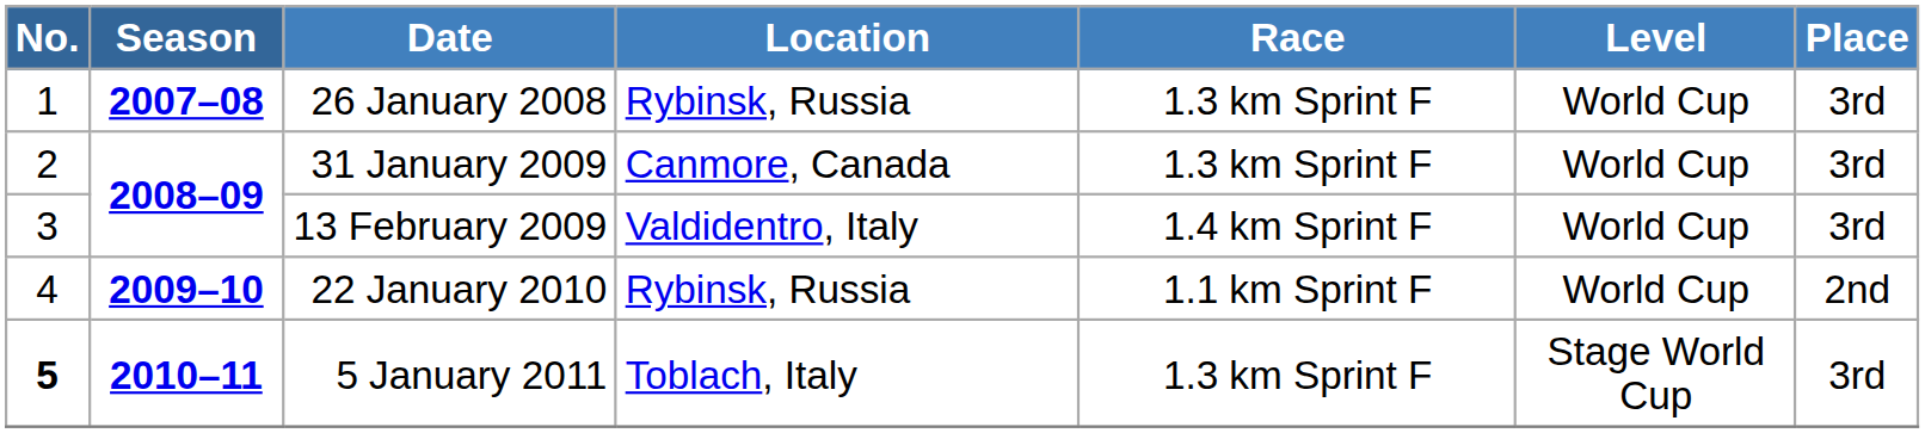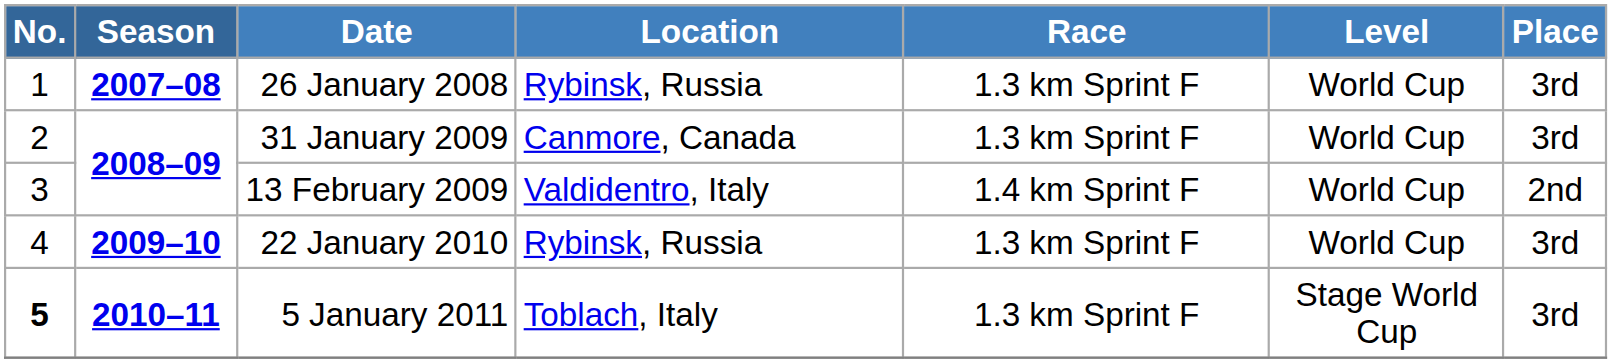 <table class="wikitable sortable" style="font-size:95%; text-align:center; border:grey solid 1px; border-collapse:collapse; background:#ffffff;">
 <tr style="background:#efefef;">
 <th style="background-color:#369; color:white;">No.</th>
 <th style="background-color:#369; color:white;">Season</th>
 <th style="background-color:#4180be; color:white; width:120px;">Date</th>
 <th style="background-color:#4180be; color:white; width:170px;">Location</th>
 <th style="background-color:#4180be; color:white; width:160px;">Race</th>
 <th style="background-color:#4180be; color:white; width:100px;">Level</th>
 <th style="background-color:#4180be; color:white;">Place</th>
 </tr>
 <tr>
 <td align=center>1</td>
 <td rowspan=1 align=center><strong> <a href='#'>2007–08</a> </strong></td>
 <td align=right>26 January 2008</td>
 <td align=left> <a href='#'>Rybinsk</a>, Russia</td>
 <td>1.3 km Sprint F</td>
 <td>World Cup</td>
 <td>3rd</td>
 </tr>
 <tr>
 <td align=center>2</td>
 <td rowspan=2 align=center><strong> <a href='#'>2008–09</a> </strong></td>
 <td align=right>31 January 2009</td>
 <td align=left> <a href='#'>Canmore</a>, Canada</td>
 <td>1.3 km Sprint F</td>
 <td>World Cup</td>
 <td>3rd</td>
 </tr>
 <tr>
 <td align=center>3</td>
 <td align=right>13 February 2009</td>
 <td align=left> <a href='#'>Valdidentro</a>, Italy</td>
 <td>1.4 km Sprint F</td>
 <td>World Cup</td>
-<td>3rd</td>
+<td>2nd</td>
 </tr>
 <tr>
 <td align=center>4</td>
 <td rowspan=1 align=center><strong> <a href='#'>2009–10</a> </strong></td>
 <td align=right>22 January 2010</td>
 <td align=left> <a href='#'>Rybinsk</a>, Russia</td>
-<td>1.1 km Sprint F</td>
+<td>1.3 km Sprint F</td>
 <td>World Cup</td>
-<td>2nd</td>
+<td>3rd</td>
 </tr>
 <tr>
 <td align=center><strong>5</strong></td>
 <td rowspan=1 align=center><strong> <a href='#'>2010–11</a> </strong></td>
 <td align=right>5 January 2011</td>
 <td align=left> <a href='#'>Toblach</a>, Italy</td>
 <td>1.3 km Sprint F</td>
 <td>Stage World Cup</td>
 <td>3rd</td>
 </tr>
 <tr>
 </tr>
 </table>
